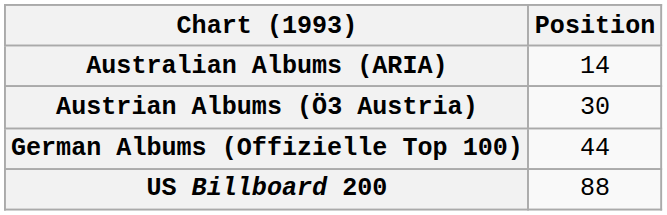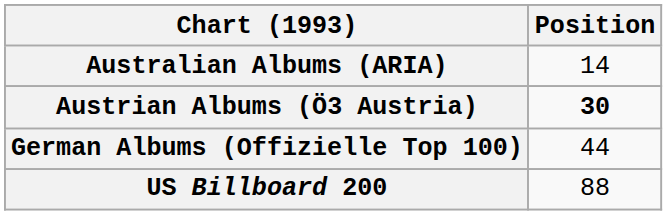 <table class="wikitable sortable plainrowheaders" style="text-align:center">
 <tr>
 <th scope="col">Chart (1993)</th>
 <th scope="col">Position</th>
 </tr>
 <tr>
 <th scope="row">Australian Albums (ARIA)</th>
 <td>14</td>
 </tr>
 <tr>
 <th scope="row">Austrian Albums (Ö3 Austria)</th>
-<td>30</td>
+<td><strong>30</strong></td>
 </tr>
 <tr>
 <th scope="row">German Albums (Offizielle Top 100)</th>
 <td>44</td>
 </tr>
 <tr>
 <th scope="row">US <em>Billboard</em> 200</th>
 <td>88</td>
 </tr>
 </table>
